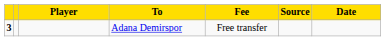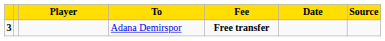 <table class="wikitable sortable">
 <tr>
 <th style="background:#FFDE00"></th>
 <th style="background:#FFDE00"></th>
 <th width=200 style="background:#FFDE00">Player</th>
 <th width=200 style="background:#FFDE00">To</th>
 <th width=150 style="background:#FFDE00">Fee</th>
+<th width=150 style="background:#FFDE00">Date</th>
 <th style="background:#FFDE00">Source</th>
-<th width=150 style="background:#FFDE00">Date</th>
 </tr>
 <tr>
 <td align=center><strong>3</strong></td>
 <td align=center></td>
 <td></td>
 <td> <a href='#'>Adana Demirspor</a></td>
-<td align=center>Free transfer</td>
+<td align=center><strong>Free transfer</strong></td>
 <td align=center></td>
 <td align=center></td>
 </tr>
 </table>
